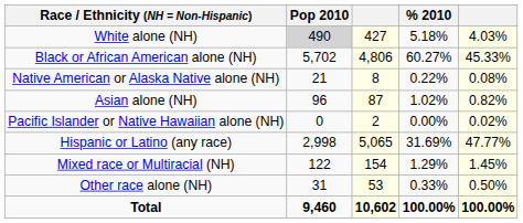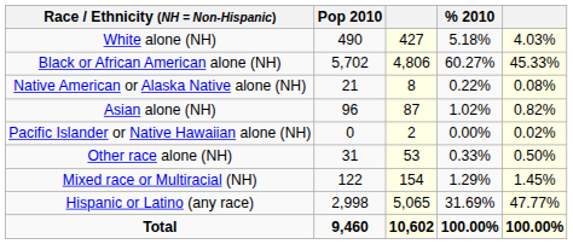 <table class="wikitable" style="text-align:center;">
 <tr>
 <th>Race / Ethnicity <small>(<em>NH = Non-Hispanic</em>)</small></th>
 <th>Pop 2010</th>
 <th></th>
 <th>% 2010</th>
 <th></th>
 </tr>
 <tr>
 <td><a href='#'>White</a> alone (NH)</td>
-<td style="background: lightgrey;">490</td>
+<td>490</td>
 <td style='background: #ffffe6;'>427</td>
 <td>5.18%</td>
 <td style='background: #ffffe6;'>4.03%</td>
 </tr>
 <tr>
 <td><a href='#'>Black or African American</a> alone (NH)</td>
 <td>5,702</td>
 <td style='background: #ffffe6;'>4,806</td>
 <td>60.27%</td>
 <td style='background: #ffffe6;'>45.33%</td>
 </tr>
 <tr>
 <td><a href='#'>Native American</a> or <a href='#'>Alaska Native</a> alone (NH)</td>
 <td>21</td>
 <td style='background: #ffffe6;'>8</td>
 <td>0.22%</td>
 <td style='background: #ffffe6;'>0.08%</td>
 </tr>
 <tr>
 <td><a href='#'>Asian</a> alone (NH)</td>
 <td>96</td>
 <td style='background: #ffffe6;'>87</td>
 <td>1.02%</td>
 <td style='background: #ffffe6;'>0.82%</td>
 </tr>
 <tr>
 <td><a href='#'>Pacific Islander</a> or <a href='#'>Native Hawaiian</a> alone (NH)</td>
 <td>0</td>
 <td style='background: #ffffe6;'>2</td>
 <td>0.00%</td>
 <td style='background: #ffffe6;'>0.02%</td>
 </tr>
 <tr>
-<td><a href='#'>Hispanic or Latino</a> (any race)</td>
-<td>2,998</td>
-<td style='background: #ffffe6;'>5,065</td>
-<td>31.69%</td>
-<td style='background: #ffffe6;'>47.77%</td>
+<td><a href='#'>Other race</a>  alone (NH)</td>
+<td>31</td>
+<td style='background: #ffffe6;'>53</td>
+<td>0.33%</td>
+<td style='background: #ffffe6;'>0.50%</td>
 </tr>
 <tr>
 <td><a href='#'>Mixed race or Multiracial</a> (NH)</td>
 <td>122</td>
 <td style='background: #ffffe6;'>154</td>
 <td>1.29%</td>
 <td style='background: #ffffe6;'>1.45%</td>
 </tr>
 <tr>
-<td><a href='#'>Other race</a>  alone (NH)</td>
-<td>31</td>
-<td style='background: #ffffe6;'>53</td>
-<td>0.33%</td>
-<td style='background: #ffffe6;'>0.50%</td>
+<td><a href='#'>Hispanic or Latino</a> (any race)</td>
+<td>2,998</td>
+<td style='background: #ffffe6;'>5,065</td>
+<td>31.69%</td>
+<td style='background: #ffffe6;'>47.77%</td>
 </tr>
 <tr>
 <td><strong>Total</strong></td>
 <td><strong>9,460</strong></td>
 <td style='background: #ffffe6;'><strong>10,602</strong></td>
 <td><strong>100.00%</strong></td>
 <td style='background: #ffffe6;'><strong>100.00%</strong></td>
 </tr>
 </table>
